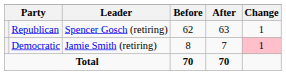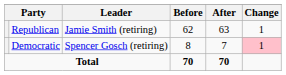 <table class="wikitable" style="text-align:center;">
 <tr>
 </tr>
 <tr>
 <th colspan=2>Party</th>
 <th>Leader</th>
 <th style="width:3em">Before</th>
 <th style="width:3em">After</th>
 <th style="width:3em">Change</th>
 </tr>
 <tr>
 <th style="background-color:"></th>
 <td style="text-align:left;"><a href='#'>Republican</a></td>
-<td style="text-align:left;"><a href='#'>Spencer Gosch</a> (retiring)</td>
+<td style="text-align:left;"><a href='#'>Jamie Smith</a> (retiring)</td>
 <td>62</td>
 <td>63</td>
 <td>1</td>
 </tr>
 <tr>
 <th style="background-color:"></th>
 <td style="text-align:left;"><a href='#'>Democratic</a></td>
-<td style="text-align:left;"><a href='#'>Jamie Smith</a> (retiring)</td>
+<td style="text-align:left;"><a href='#'>Spencer Gosch</a> (retiring)</td>
 <td>8</td>
 <td>7</td>
 <td style="background: pink;">1</td>
 </tr>
 <tr>
 <td colspan=3><strong>Total</strong></td>
 <td><strong>70</strong></td>
 <td><strong>70</strong></td>
 <td></td>
 </tr>
 </table>
